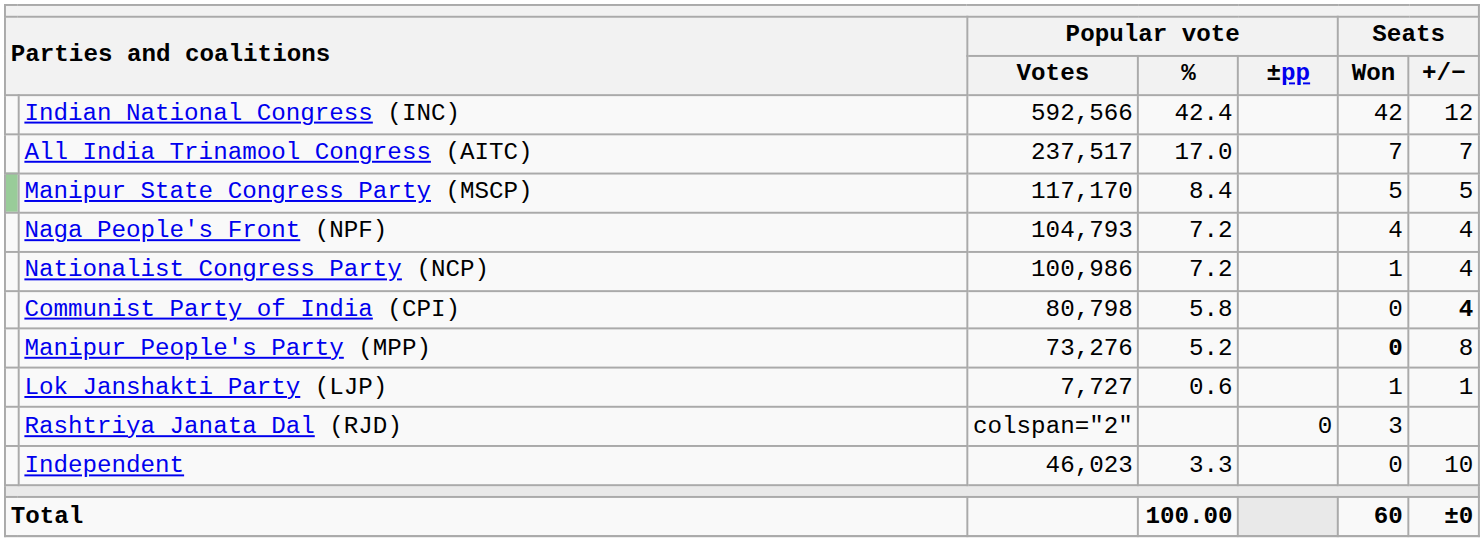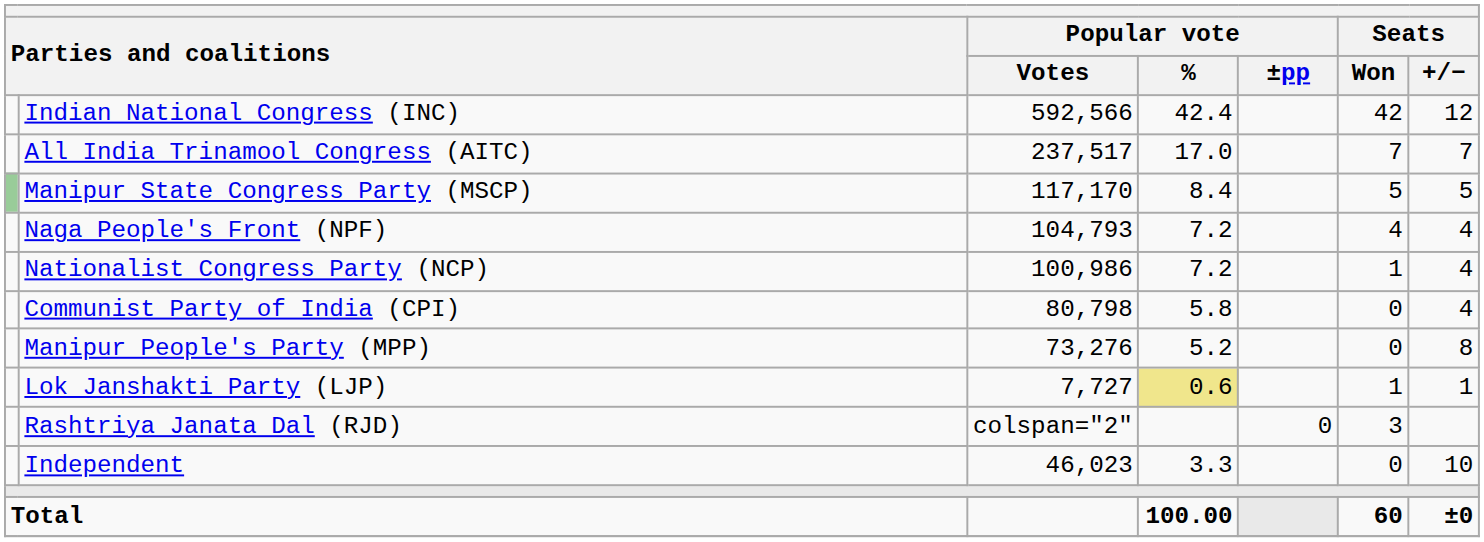 <table class="wikitable" style="text-align:right; font-size:95%;">
 <tr>
 <th colspan=10></th>
 </tr>
 <tr>
 <th style="text-align:left;" rowspan="2" colspan="2" width="485">Parties and coalitions</th>
 <th colspan="3">Popular vote</th>
 <th colspan="2">Seats</th>
 </tr>
 <tr>
 <th width="70">Votes</th>
 <th width="45">%</th>
 <th width="45">±<a href='#'>pp</a></th>
 <th width="30">Won</th>
 <th width="30">+/−</th>
 </tr>
 <tr>
 <td style="color:inherit;background:"></td>
 <td align="left"><a href='#'>Indian National Congress</a> (INC)</td>
 <td>592,566</td>
 <td>42.4</td>
 <td></td>
 <td>42</td>
 <td>12</td>
 </tr>
 <tr>
 <td style="color:inherit;background:"></td>
 <td align="left"><a href='#'>All India Trinamool Congress</a> (AITC)</td>
 <td>237,517</td>
 <td>17.0</td>
 <td></td>
 <td>7</td>
 <td>7</td>
 </tr>
 <tr>
 <td width="1" style="color:inherit;background:#99CC99"></td>
 <td align="left"><a href='#'>Manipur State Congress Party</a> (MSCP)</td>
 <td>117,170</td>
 <td>8.4</td>
 <td></td>
 <td>5</td>
 <td>5</td>
 </tr>
 <tr>
 <td style="color:inherit;background:"></td>
 <td align="left"><a href='#'>Naga People's Front</a> (NPF)</td>
 <td>104,793</td>
 <td>7.2</td>
 <td></td>
 <td>4</td>
 <td>4</td>
 </tr>
 <tr>
 <td style="color:inherit;background:"></td>
 <td align="left"><a href='#'>Nationalist Congress Party</a> (NCP)</td>
 <td>100,986</td>
 <td>7.2</td>
 <td></td>
 <td>1</td>
 <td>4</td>
 </tr>
 <tr>
 <td style="color:inherit;background:"></td>
 <td align="left"><a href='#'>Communist Party of India</a> (CPI)</td>
 <td>80,798</td>
 <td>5.8</td>
 <td></td>
 <td>0</td>
-<td><strong>4</strong></td>
+<td>4</td>
 </tr>
 <tr>
 <td style="color:inherit;background:"></td>
 <td align="left"><a href='#'>Manipur People's Party</a> (MPP)</td>
 <td>73,276</td>
 <td>5.2</td>
 <td></td>
-<td><strong>0</strong></td>
+<td>0</td>
 <td>8</td>
 </tr>
 <tr>
 <td style="color:inherit;background:"></td>
 <td align="left"><a href='#'>Lok Janshakti Party</a> (LJP)</td>
 <td>7,727</td>
-<td>0.6</td>
+<td style="background: khaki;">0.6</td>
 <td></td>
 <td>1</td>
 <td>1</td>
 </tr>
 <tr>
 <td style="color:inherit;background:"></td>
 <td align="left"><a href='#'>Rashtriya Janata Dal</a> (RJD)</td>
 <td>colspan="2" </td>
 <td></td>
 <td>0</td>
 <td>3</td>
 </tr>
 <tr>
 <td style="color:inherit;background:"></td>
 <td align="left"><a href='#'>Independent</a></td>
 <td>46,023</td>
 <td>3.3</td>
 <td></td>
 <td>0</td>
 <td>10</td>
 </tr>
 <tr>
 <td colspan="7" bgcolor="#E9E9E9"></td>
 </tr>
 <tr style="font-weight:bold;">
 <td align="left" colspan="2">Total</td>
 <td></td>
 <td>100.00</td>
 <td bgcolor="#E9E9E9"></td>
 <td>60</td>
 <td>±0</td>
 </tr>
 <tr>
 </tr>
 </table>
